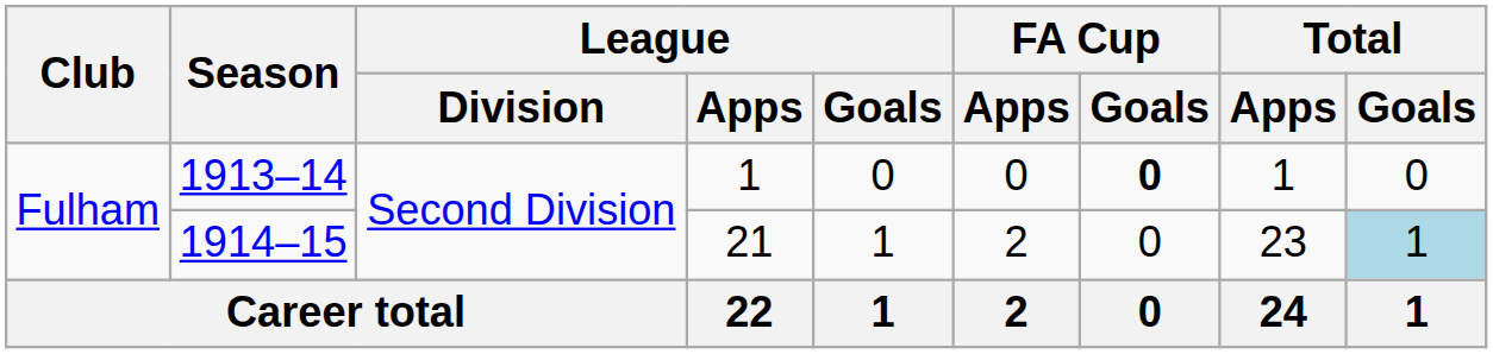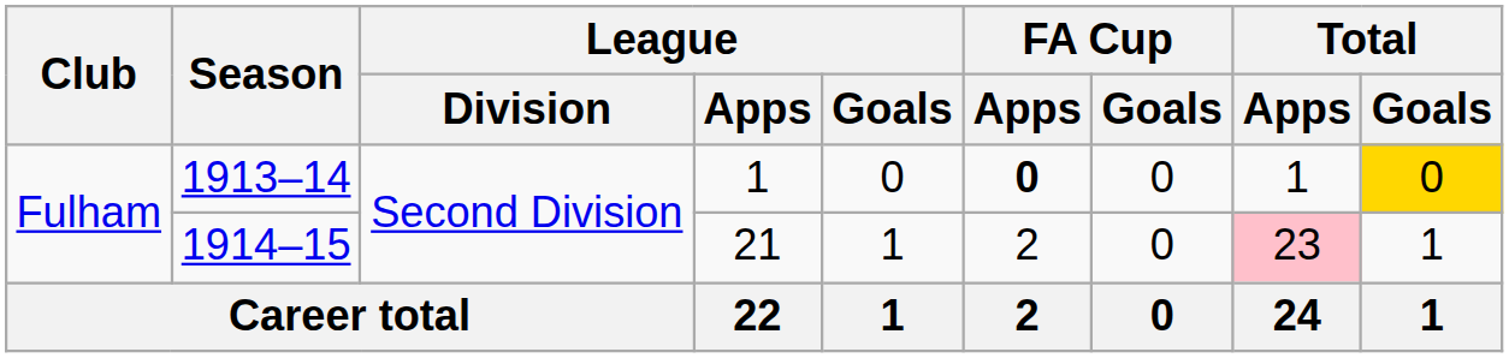 <table class="wikitable" style="text-align: center;">
 <tr>
 <th rowspan="2">Club</th>
 <th rowspan="2">Season</th>
 <th colspan="3">League</th>
 <th colspan="2">FA Cup</th>
 <th colspan="2">Total</th>
 </tr>
 <tr>
 <th>Division</th>
 <th>Apps</th>
 <th>Goals</th>
 <th>Apps</th>
 <th>Goals</th>
 <th>Apps</th>
 <th>Goals</th>
 </tr>
 <tr>
 <td rowspan="2"><a href='#'>Fulham</a></td>
 <td><a href='#'>1913–14</a></td>
 <td rowspan="2"><a href='#'>Second Division</a></td>
 <td>1</td>
 <td>0</td>
+<td><strong>0</strong></td>
 <td>0</td>
-<td><strong>0</strong></td>
 <td>1</td>
-<td>0</td>
+<td style="background: gold;">0</td>
 </tr>
 <tr>
 <td><a href='#'>1914–15</a></td>
 <td>21</td>
 <td>1</td>
 <td>2</td>
 <td>0</td>
-<td>23</td>
-<td style="background: lightblue;">1</td>
+<td style="background: pink;">23</td>
+<td>1</td>
 </tr>
 <tr>
 <th colspan="3">Career total</th>
 <th>22</th>
 <th>1</th>
 <th>2</th>
 <th>0</th>
 <th>24</th>
 <th>1</th>
 </tr>
 </table>
